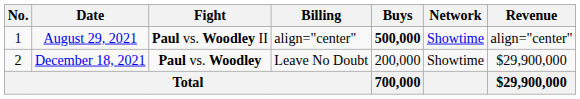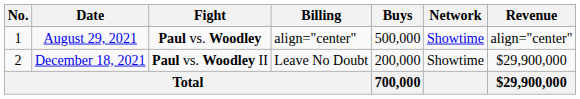 <table class="wikitable sortable">
 <tr>
 <th>No.</th>
 <th>Date</th>
 <th>Fight</th>
 <th>Billing</th>
 <th>Buys</th>
 <th>Network</th>
 <th>Revenue</th>
 </tr>
 <tr>
 <td align="center">1</td>
 <td align="center"><a href='#'>August 29, 2021</a></td>
-<td align="center"><strong>Paul</strong> vs. <strong>Woodley</strong> II</td>
+<td align="center"><strong>Paul</strong> vs. <strong>Woodley</strong></td>
 <td>align="center" </td>
-<td align="center"><strong>500,000</strong></td>
+<td align="center">500,000</td>
 <td align="center"><a href='#'>Showtime</a></td>
 <td>align="center"  </td>
 </tr>
 <tr>
 <td align="center">2</td>
 <td align="center"><a href='#'>December 18, 2021</a></td>
-<td align="center"><strong>Paul</strong> vs. <strong>Woodley</strong></td>
+<td align="center"><strong>Paul</strong> vs. <strong>Woodley</strong> II</td>
 <td align="center">Leave No Doubt</td>
 <td align="center">200,000</td>
 <td align="center">Showtime</td>
 <td align="center">$29,900,000</td>
 </tr>
 <tr>
 <th colspan="4">Total</th>
 <th>700,000</th>
 <th></th>
 <th>$29,900,000</th>
 </tr>
 </table>
